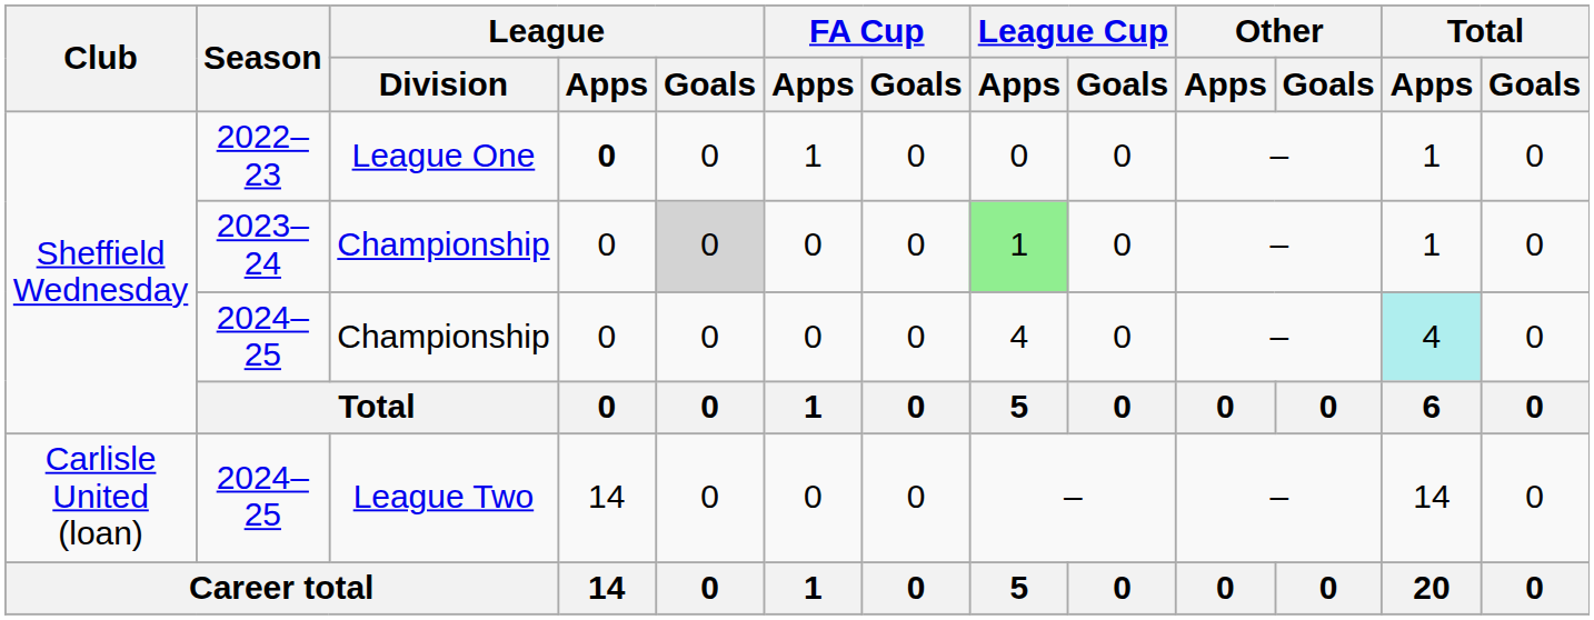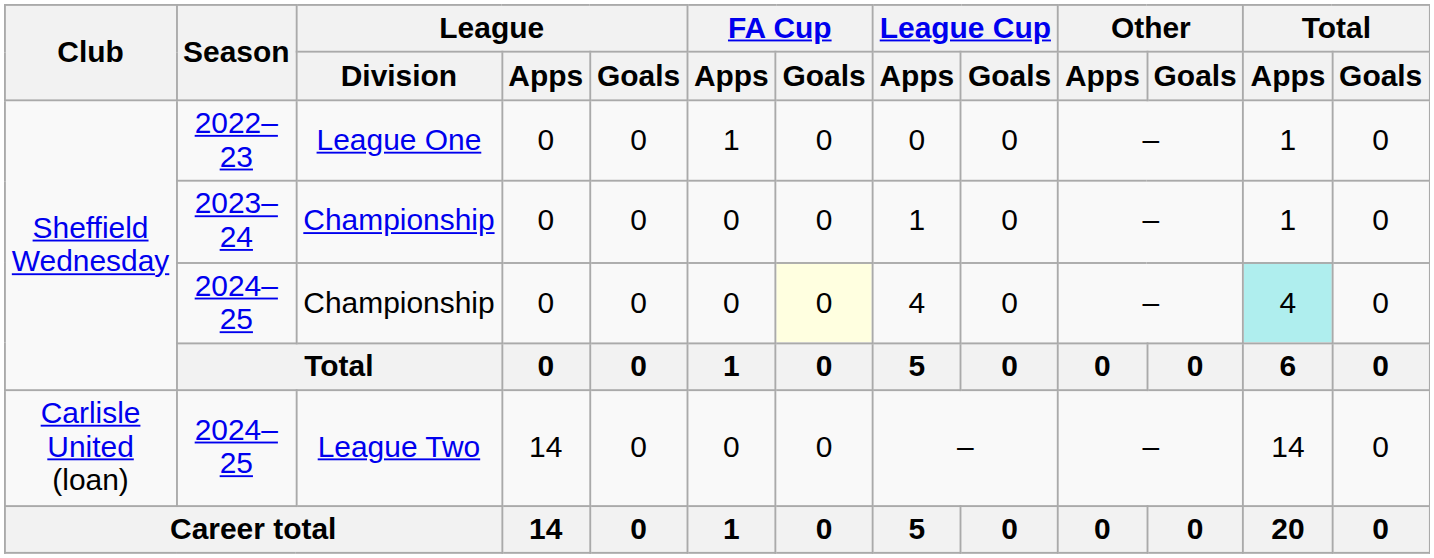 <table class=wikitable style="text-align:center">
 <tr>
 <th rowspan=2>Club</th>
 <th rowspan=2>Season</th>
 <th colspan=3>League</th>
 <th colspan=2><a href='#'>FA Cup</a></th>
 <th colspan=2><a href='#'>League Cup</a></th>
 <th colspan=2>Other</th>
 <th colspan=2>Total</th>
 </tr>
 <tr>
 <th>Division</th>
 <th>Apps</th>
 <th>Goals</th>
 <th>Apps</th>
 <th>Goals</th>
 <th>Apps</th>
 <th>Goals</th>
 <th>Apps</th>
 <th>Goals</th>
 <th>Apps</th>
 <th>Goals</th>
 </tr>
 <tr>
 <td rowspan="4"><a href='#'>Sheffield Wednesday</a></td>
 <td><a href='#'>2022–23</a></td>
 <td><a href='#'>League One</a></td>
-<td><strong>0</strong></td>
+<td>0</td>
 <td>0</td>
 <td>1</td>
 <td>0</td>
 <td>0</td>
 <td>0</td>
 <td colspan="2">–</td>
 <td>1</td>
 <td>0</td>
 </tr>
 <tr>
 <td><a href='#'>2023–24</a></td>
 <td><a href='#'>Championship</a></td>
 <td>0</td>
-<td style="background: lightgrey;">0</td>
 <td>0</td>
 <td>0</td>
-<td style="background: lightgreen;">1</td>
+<td>0</td>
+<td>1</td>
 <td>0</td>
 <td colspan="2">–</td>
 <td>1</td>
 <td>0</td>
 </tr>
 <tr>
 <td><a href='#'>2024–25</a></td>
 <td>Championship</td>
 <td>0</td>
 <td>0</td>
 <td>0</td>
-<td>0</td>
+<td style="background: lightyellow;">0</td>
 <td>4</td>
 <td>0</td>
 <td colspan="2">–</td>
 <td style="background: paleturquoise;">4</td>
 <td>0</td>
 </tr>
 <tr>
 <th colspan="2">Total</th>
 <th>0</th>
 <th>0</th>
 <th>1</th>
 <th>0</th>
 <th>5</th>
 <th>0</th>
 <th>0</th>
 <th>0</th>
 <th>6</th>
 <th>0</th>
 </tr>
 <tr>
 <td><a href='#'>Carlisle United</a> (loan)</td>
 <td><a href='#'>2024–25</a></td>
 <td><a href='#'>League Two</a></td>
 <td>14</td>
 <td>0</td>
 <td>0</td>
 <td>0</td>
 <td colspan="2">–</td>
 <td colspan="2">–</td>
 <td>14</td>
 <td>0</td>
 </tr>
 <tr>
 <th colspan="3">Career total</th>
 <th>14</th>
 <th>0</th>
 <th>1</th>
 <th>0</th>
 <th>5</th>
 <th>0</th>
 <th>0</th>
 <th>0</th>
 <th>20</th>
 <th>0</th>
 </tr>
 </table>
